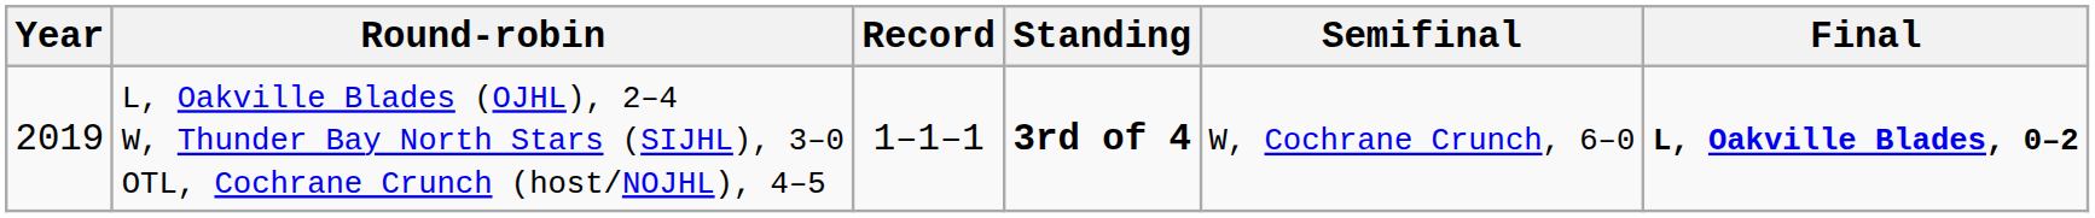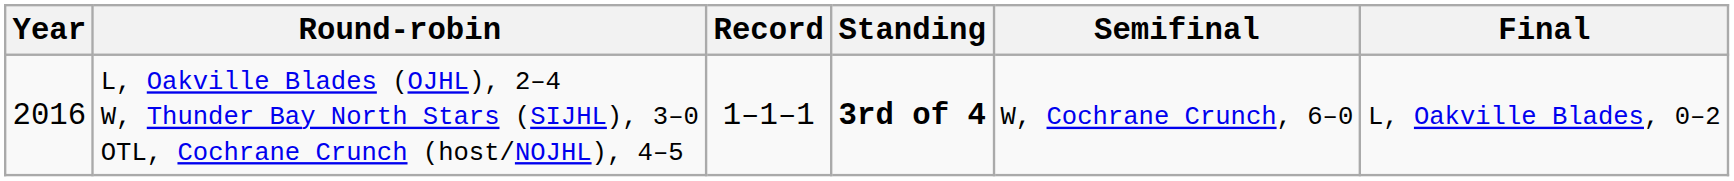 <table class="wikitable" style="text-align:center">
 <tr>
 <th>Year</th>
 <th>Round-robin</th>
 <th>Record</th>
 <th>Standing</th>
 <th>Semifinal</th>
 <th>Final</th>
 </tr>
 <tr>
-<td>2019</td>
+<td>2016</td>
 <td align=left><small>L, <a href='#'>Oakville Blades</a> (<a href='#'>OJHL</a>), 2–4<br>W, <a href='#'>Thunder Bay North Stars</a> (<a href='#'>SIJHL</a>), 3–0<br>OTL, <a href='#'>Cochrane Crunch</a> (host/<a href='#'>NOJHL</a>), 4–5</small></td>
 <td>1–1–1</td>
 <td><strong>3rd of 4</strong></td>
 <td><small>W, <a href='#'>Cochrane Crunch</a>, 6–0</small></td>
-<td><strong><small>L, <a href='#'>Oakville Blades</a>, 0–2</small></strong></td>
+<td><small>L, <a href='#'>Oakville Blades</a>, 0–2</small></td>
 </tr>
 </table>
